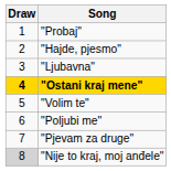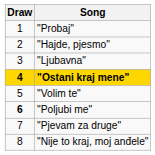 <table class="sortable wikitable" style="margin: 1em auto 1em auto; text-align:center">
 <tr>
 <th>Draw</th>
 <th>Song</th>
 </tr>
 <tr>
 <td>1</td>
 <td align="left">"Probaj"</td>
 </tr>
 <tr>
 <td>2</td>
 <td align="left">"Hajde, pjesmo"</td>
 </tr>
 <tr>
 <td>3</td>
 <td align="left">"Ljubavna"</td>
 </tr>
 <tr style="font-weight:bold; background:gold;">
 <td>4</td>
 <td align="left">"Ostani kraj mene"</td>
 </tr>
 <tr>
 <td>5</td>
 <td align="left">"Volim te"</td>
 </tr>
 <tr>
-<td>6</td>
+<td><strong>6</strong></td>
 <td align="left">"Poljubi me"</td>
 </tr>
 <tr>
 <td>7</td>
 <td align="left">"Pjevam za druge"</td>
 </tr>
 <tr>
-<td style="background: lightgrey;">8</td>
+<td>8</td>
 <td align="left">"Nije to kraj, moj anđele"</td>
 </tr>
 </table>
